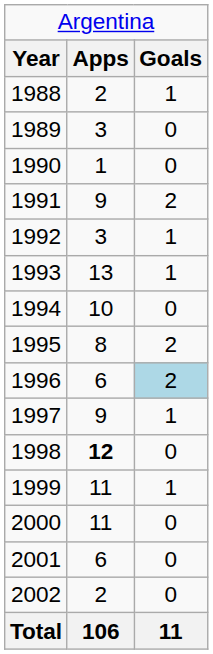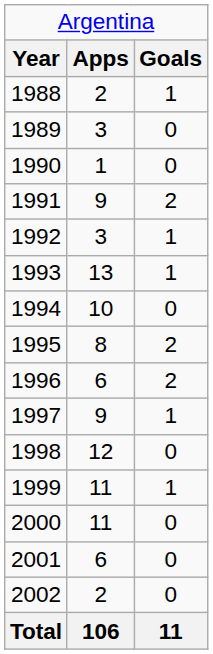 <table class="wikitable" style="text-align:center">
 <tr>
 <td colspan="3"><a href='#'>Argentina</a></td>
 </tr>
 <tr>
 <th>Year</th>
 <th>Apps</th>
 <th>Goals</th>
 </tr>
 <tr>
 <td>1988</td>
 <td>2</td>
 <td>1</td>
 </tr>
 <tr>
 <td>1989</td>
 <td>3</td>
 <td>0</td>
 </tr>
 <tr>
 <td>1990</td>
 <td>1</td>
 <td>0</td>
 </tr>
 <tr>
 <td>1991</td>
 <td>9</td>
 <td>2</td>
 </tr>
 <tr>
 <td>1992</td>
 <td>3</td>
 <td>1</td>
 </tr>
 <tr>
 <td>1993</td>
 <td>13</td>
 <td>1</td>
 </tr>
 <tr>
 <td>1994</td>
 <td>10</td>
 <td>0</td>
 </tr>
 <tr>
 <td>1995</td>
 <td>8</td>
 <td>2</td>
 </tr>
 <tr>
 <td>1996</td>
 <td>6</td>
-<td style="background: lightblue;">2</td>
+<td>2</td>
 </tr>
 <tr>
 <td>1997</td>
 <td>9</td>
 <td>1</td>
 </tr>
 <tr>
 <td>1998</td>
-<td><strong>12</strong></td>
+<td>12</td>
 <td>0</td>
 </tr>
 <tr>
 <td>1999</td>
 <td>11</td>
 <td>1</td>
 </tr>
 <tr>
 <td>2000</td>
 <td>11</td>
 <td>0</td>
 </tr>
 <tr>
 <td>2001</td>
 <td>6</td>
 <td>0</td>
 </tr>
 <tr>
 <td>2002</td>
 <td>2</td>
 <td>0</td>
 </tr>
 <tr>
 <th>Total</th>
 <th>106</th>
 <th>11</th>
 </tr>
 </table>
